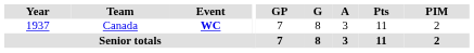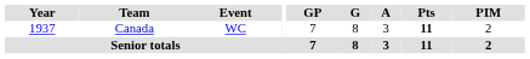 <table border="0" cellpadding="1" cellspacing="0" ID="Table3" style="text-align:center; width:40em">
 <tr bgcolor="#e0e0e0">
 <th>Year</th>
 <th>Team</th>
 <th>Event</th>
 <th rowspan="102" bgcolor="#ffffff"></th>
 <th>GP</th>
 <th>G</th>
 <th>A</th>
 <th>Pts</th>
 <th>PIM</th>
 </tr>
 <tr>
 <td><a href='#'>1937</a></td>
 <td><a href='#'>Canada</a></td>
-<td><strong><a href='#'>WC</a></strong></td>
+<td><a href='#'>WC</a></td>
 <td>7</td>
 <td>8</td>
 <td>3</td>
-<td>11</td>
+<td><strong>11</strong></td>
 <td>2</td>
 </tr>
 <tr bgcolor="#e0e0e0">
 <th colspan="4">Senior totals</th>
 <th>7</th>
 <th>8</th>
 <th>3</th>
 <th>11</th>
 <th>2</th>
 </tr>
 </table>
